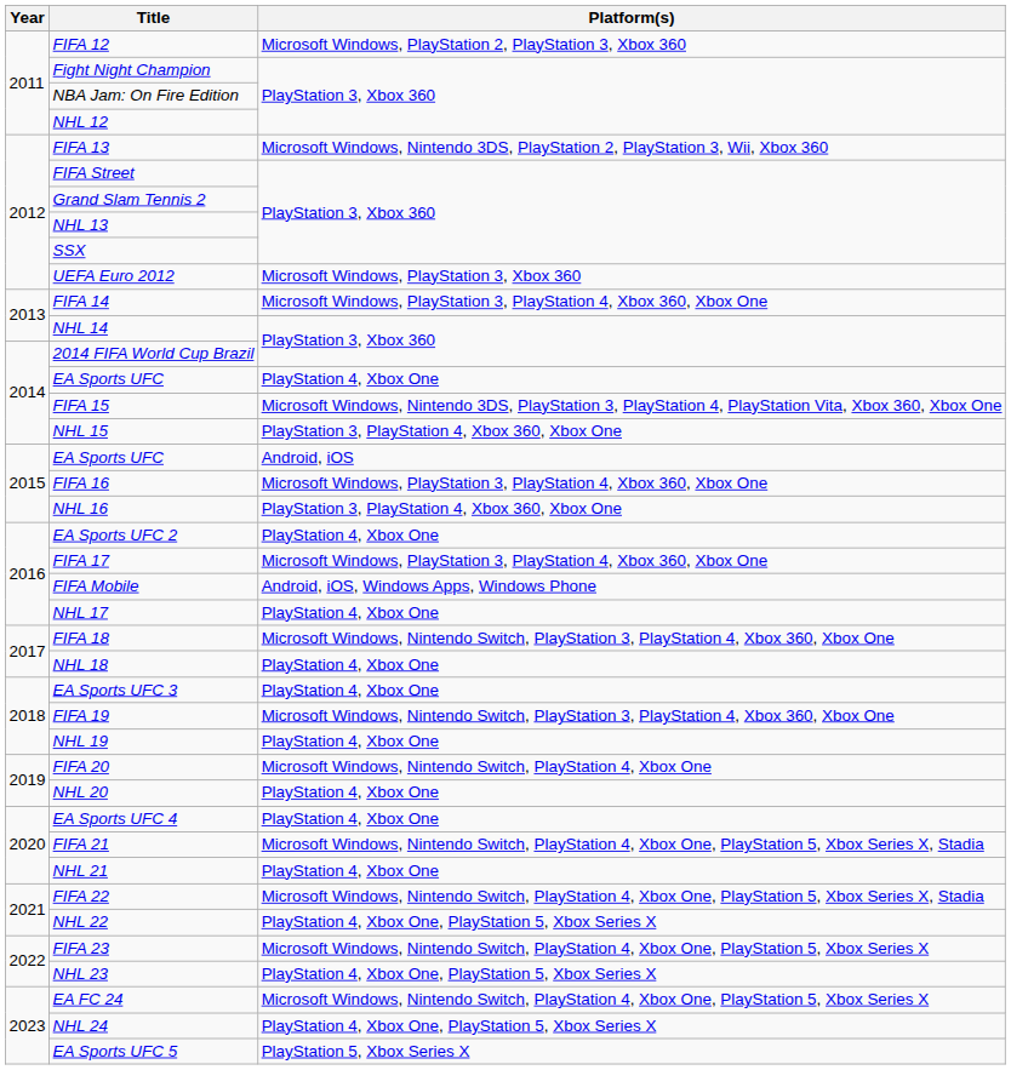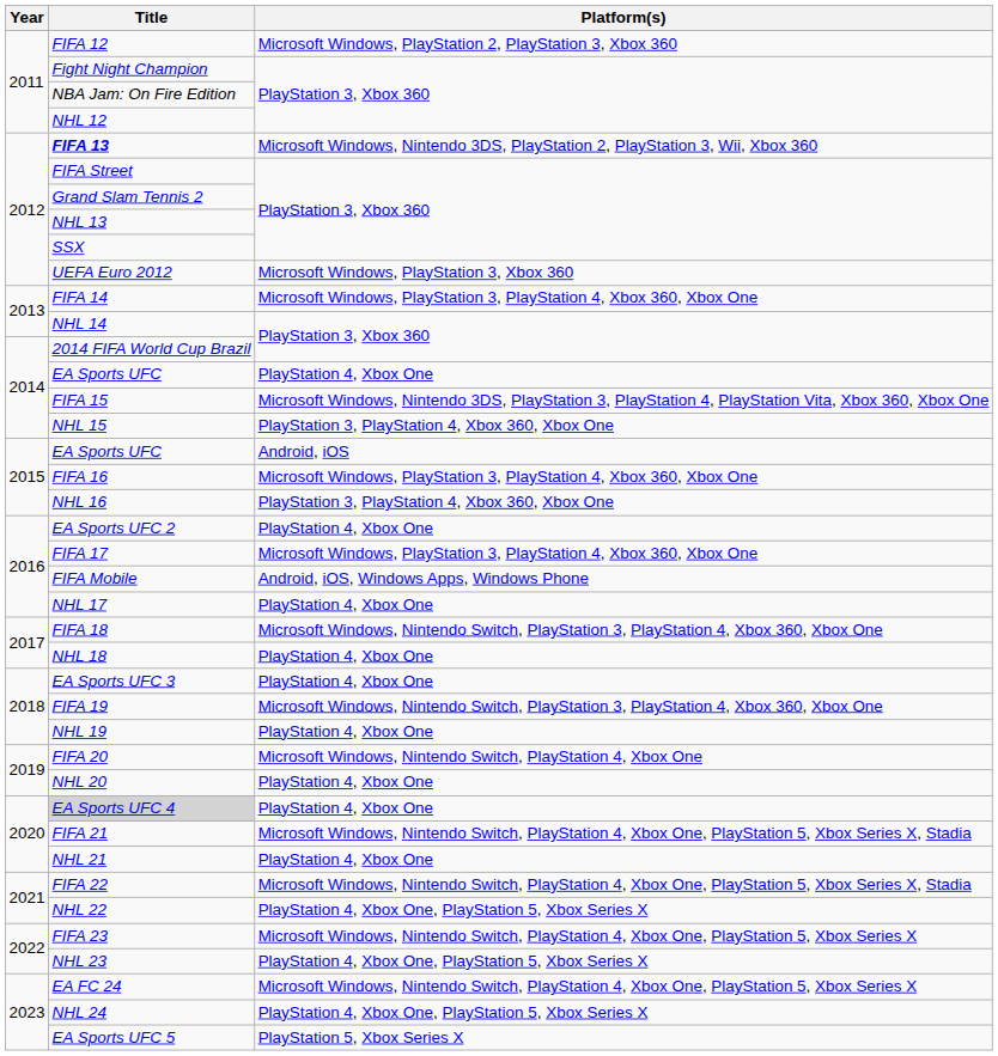 <table class="wikitable sortable">
 <tr>
 <th>Year</th>
 <th>Title</th>
 <th>Platform(s)</th>
 </tr>
 <tr>
 <td rowspan="4">2011</td>
 <td><em><a href='#'>FIFA 12</a></em></td>
 <td><a href='#'>Microsoft Windows</a>, <a href='#'>PlayStation 2</a>, <a href='#'>PlayStation 3</a>, <a href='#'>Xbox 360</a></td>
 </tr>
 <tr>
 <td><em><a href='#'>Fight Night Champion</a></em></td>
 <td rowspan="3"><a href='#'>PlayStation 3</a>, <a href='#'>Xbox 360</a></td>
 </tr>
 <tr>
 <td><em>NBA Jam: On Fire Edition</em></td>
 </tr>
 <tr>
 <td><em><a href='#'>NHL 12</a></em></td>
 </tr>
 <tr>
 <td rowspan="6">2012</td>
-<td><em><a href='#'>FIFA 13</a></em></td>
+<td><strong><em><a href='#'>FIFA 13</a></em></strong></td>
 <td><a href='#'>Microsoft Windows</a>, <a href='#'>Nintendo 3DS</a>, <a href='#'>PlayStation 2</a>, <a href='#'>PlayStation 3</a>, <a href='#'>Wii</a>, <a href='#'>Xbox 360</a></td>
 </tr>
 <tr>
 <td><em><a href='#'>FIFA Street</a></em></td>
 <td rowspan="4"><a href='#'>PlayStation 3</a>, <a href='#'>Xbox 360</a></td>
 </tr>
 <tr>
 <td><em><a href='#'>Grand Slam Tennis 2</a></em></td>
 </tr>
 <tr>
 <td><em><a href='#'>NHL 13</a></em></td>
 </tr>
 <tr>
 <td><em><a href='#'>SSX</a></em></td>
 </tr>
 <tr>
 <td><em><a href='#'>UEFA Euro 2012</a></em></td>
 <td><a href='#'>Microsoft Windows</a>, <a href='#'>PlayStation 3</a>, <a href='#'>Xbox 360</a></td>
 </tr>
 <tr>
 <td rowspan="2">2013</td>
 <td><em><a href='#'>FIFA 14</a></em></td>
 <td><a href='#'>Microsoft Windows</a>, <a href='#'>PlayStation 3</a>, <a href='#'>PlayStation 4</a>, <a href='#'>Xbox 360</a>, <a href='#'>Xbox One</a></td>
 </tr>
 <tr>
 <td><em><a href='#'>NHL 14</a></em></td>
 <td rowspan="2"><a href='#'>PlayStation 3</a>, <a href='#'>Xbox 360</a></td>
 </tr>
 <tr>
 <td rowspan="4">2014</td>
 <td><em><a href='#'>2014 FIFA World Cup Brazil</a></em></td>
 </tr>
 <tr>
 <td><em><a href='#'>EA Sports UFC</a></em></td>
 <td><a href='#'>PlayStation 4</a>, <a href='#'>Xbox One</a></td>
 </tr>
 <tr>
 <td><em><a href='#'>FIFA 15</a></em></td>
 <td><a href='#'>Microsoft Windows</a>, <a href='#'>Nintendo 3DS</a>, <a href='#'>PlayStation 3</a>, <a href='#'>PlayStation 4</a>, <a href='#'>PlayStation Vita</a>, <a href='#'>Xbox 360</a>, <a href='#'>Xbox One</a></td>
 </tr>
 <tr>
 <td><em><a href='#'>NHL 15</a></em></td>
 <td><a href='#'>PlayStation 3</a>, <a href='#'>PlayStation 4</a>, <a href='#'>Xbox 360</a>, <a href='#'>Xbox One</a></td>
 </tr>
 <tr>
 <td rowspan="3">2015</td>
 <td><em><a href='#'>EA Sports UFC</a></em></td>
 <td><a href='#'>Android</a>, <a href='#'>iOS</a></td>
 </tr>
 <tr>
 <td><em><a href='#'>FIFA 16</a></em></td>
 <td><a href='#'>Microsoft Windows</a>, <a href='#'>PlayStation 3</a>, <a href='#'>PlayStation 4</a>, <a href='#'>Xbox 360</a>, <a href='#'>Xbox One</a></td>
 </tr>
 <tr>
 <td><em><a href='#'>NHL 16</a></em></td>
 <td><a href='#'>PlayStation 3</a>, <a href='#'>PlayStation 4</a>, <a href='#'>Xbox 360</a>, <a href='#'>Xbox One</a></td>
 </tr>
 <tr>
 <td rowspan="4">2016</td>
 <td><em><a href='#'>EA Sports UFC 2</a></em></td>
 <td><a href='#'>PlayStation 4</a>, <a href='#'>Xbox One</a></td>
 </tr>
 <tr>
 <td><em><a href='#'>FIFA 17</a></em></td>
 <td><a href='#'>Microsoft Windows</a>, <a href='#'>PlayStation 3</a>, <a href='#'>PlayStation 4</a>, <a href='#'>Xbox 360</a>, <a href='#'>Xbox One</a></td>
 </tr>
 <tr>
 <td><em><a href='#'>FIFA Mobile</a></em></td>
 <td><a href='#'>Android</a>, <a href='#'>iOS</a>, <a href='#'>Windows Apps</a>, <a href='#'>Windows Phone</a></td>
 </tr>
 <tr>
 <td><em><a href='#'>NHL 17</a></em></td>
 <td><a href='#'>PlayStation 4</a>, <a href='#'>Xbox One</a></td>
 </tr>
 <tr>
 <td rowspan="2">2017</td>
 <td><em><a href='#'>FIFA 18</a></em></td>
 <td><a href='#'>Microsoft Windows</a>, <a href='#'>Nintendo Switch</a>, <a href='#'>PlayStation 3</a>, <a href='#'>PlayStation 4</a>, <a href='#'>Xbox 360</a>, <a href='#'>Xbox One</a></td>
 </tr>
 <tr>
 <td><em><a href='#'>NHL 18</a></em></td>
 <td><a href='#'>PlayStation 4</a>, <a href='#'>Xbox One</a></td>
 </tr>
 <tr>
 <td rowspan="3">2018</td>
 <td><em><a href='#'>EA Sports UFC 3</a></em></td>
 <td><a href='#'>PlayStation 4</a>, <a href='#'>Xbox One</a></td>
 </tr>
 <tr>
 <td><em><a href='#'>FIFA 19</a></em></td>
 <td><a href='#'>Microsoft Windows</a>, <a href='#'>Nintendo Switch</a>, <a href='#'>PlayStation 3</a>, <a href='#'>PlayStation 4</a>, <a href='#'>Xbox 360</a>, <a href='#'>Xbox One</a></td>
 </tr>
 <tr>
 <td><em><a href='#'>NHL 19</a></em></td>
 <td><a href='#'>PlayStation 4</a>, <a href='#'>Xbox One</a></td>
 </tr>
 <tr>
 <td rowspan="2">2019</td>
 <td><em><a href='#'>FIFA 20</a></em></td>
 <td><a href='#'>Microsoft Windows</a>, <a href='#'>Nintendo Switch</a>, <a href='#'>PlayStation 4</a>, <a href='#'>Xbox One</a></td>
 </tr>
 <tr>
 <td><em><a href='#'>NHL 20</a></em></td>
 <td><a href='#'>PlayStation 4</a>, <a href='#'>Xbox One</a></td>
 </tr>
 <tr>
 <td rowspan="3">2020</td>
-<td><em><a href='#'>EA Sports UFC 4</a></em></td>
+<td style="background: lightgrey;"><em><a href='#'>EA Sports UFC 4</a></em></td>
 <td><a href='#'>PlayStation 4</a>, <a href='#'>Xbox One</a></td>
 </tr>
 <tr>
 <td><em><a href='#'>FIFA 21</a></em></td>
 <td><a href='#'>Microsoft Windows</a>, <a href='#'>Nintendo Switch</a>, <a href='#'>PlayStation 4</a>, <a href='#'>Xbox One</a>, <a href='#'>PlayStation 5</a>, <a href='#'>Xbox Series X</a>, <a href='#'>Stadia</a></td>
 </tr>
 <tr>
 <td><em><a href='#'>NHL 21</a></em></td>
 <td><a href='#'>PlayStation 4</a>, <a href='#'>Xbox One</a></td>
 </tr>
 <tr>
 <td rowspan="2">2021</td>
 <td><em><a href='#'>FIFA 22</a></em></td>
 <td><a href='#'>Microsoft Windows</a>, <a href='#'>Nintendo Switch</a>, <a href='#'>PlayStation 4</a>, <a href='#'>Xbox One</a>, <a href='#'>PlayStation 5</a>, <a href='#'>Xbox Series X</a>, <a href='#'>Stadia</a></td>
 </tr>
 <tr>
 <td><em><a href='#'>NHL 22</a></em></td>
 <td><a href='#'>PlayStation 4</a>, <a href='#'>Xbox One</a>, <a href='#'>PlayStation 5</a>, <a href='#'>Xbox Series X</a></td>
 </tr>
 <tr>
 <td rowspan="2">2022</td>
 <td><em><a href='#'>FIFA 23</a></em></td>
 <td><a href='#'>Microsoft Windows</a>, <a href='#'>Nintendo Switch</a>, <a href='#'>PlayStation 4</a>, <a href='#'>Xbox One</a>, <a href='#'>PlayStation 5</a>, <a href='#'>Xbox Series X</a></td>
 </tr>
 <tr>
 <td><em><a href='#'>NHL 23</a></em></td>
 <td><a href='#'>PlayStation 4</a>, <a href='#'>Xbox One</a>, <a href='#'>PlayStation 5</a>, <a href='#'>Xbox Series X</a></td>
 </tr>
 <tr>
 <td rowspan="3">2023</td>
 <td><em><a href='#'>EA FC 24</a></em></td>
 <td><a href='#'>Microsoft Windows</a>, <a href='#'>Nintendo Switch</a>, <a href='#'>PlayStation 4</a>, <a href='#'>Xbox One</a>, <a href='#'>PlayStation 5</a>, <a href='#'>Xbox Series X</a></td>
 </tr>
 <tr>
 <td><em><a href='#'>NHL 24</a></em></td>
 <td><a href='#'>PlayStation 4</a>, <a href='#'>Xbox One</a>, <a href='#'>PlayStation 5</a>, <a href='#'>Xbox Series X</a></td>
 </tr>
 <tr>
 <td><em><a href='#'>EA Sports UFC 5</a></em></td>
 <td><a href='#'>PlayStation 5</a>, <a href='#'>Xbox Series X</a></td>
 </tr>
 </table>
